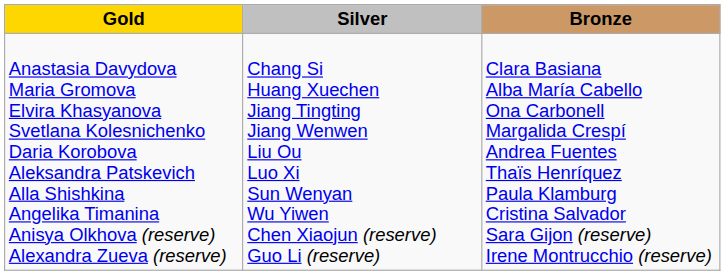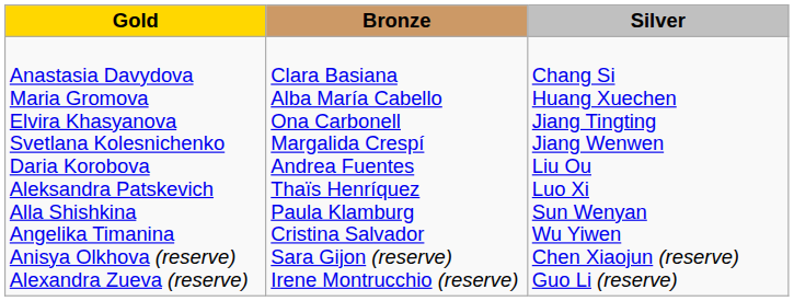 <table class="wikitable" style="text-align:left">
 <tr align="center">
 <td width=200 bgcolor=gold><strong>Gold</strong></td>
+<td width=200 bgcolor=CC9966><strong>Bronze</strong></td>
 <td width=200 bgcolor=silver><strong>Silver</strong></td>
-<td width=200 bgcolor=CC9966><strong>Bronze</strong></td>
 </tr>
 <tr>
 <td><br><a href='#'>Anastasia Davydova</a><br><a href='#'>Maria Gromova</a><br><a href='#'>Elvira Khasyanova</a><br><a href='#'>Svetlana Kolesnichenko</a><br><a href='#'>Daria Korobova</a><br><a href='#'>Aleksandra Patskevich</a><br><a href='#'>Alla Shishkina</a><br><a href='#'>Angelika Timanina</a><br><a href='#'>Anisya Olkhova</a> <em>(reserve)</em><br><a href='#'>Alexandra Zueva</a> <em>(reserve)</em></td>
+<td><br><a href='#'>Clara Basiana</a><br><a href='#'>Alba María Cabello</a><br><a href='#'>Ona Carbonell</a><br><a href='#'>Margalida Crespí</a><br><a href='#'>Andrea Fuentes</a><br><a href='#'>Thaïs Henríquez</a><br><a href='#'>Paula Klamburg</a><br><a href='#'>Cristina Salvador</a><br><a href='#'>Sara Gijon</a> <em>(reserve)</em><br><a href='#'>Irene Montrucchio</a> <em>(reserve)</em></td>
 <td><br><a href='#'>Chang Si</a><br><a href='#'>Huang Xuechen</a><br><a href='#'>Jiang Tingting</a><br><a href='#'>Jiang Wenwen</a><br><a href='#'>Liu Ou</a><br><a href='#'>Luo Xi</a><br><a href='#'>Sun Wenyan</a><br><a href='#'>Wu Yiwen</a><br><a href='#'>Chen Xiaojun</a> <em>(reserve)</em><br><a href='#'>Guo Li</a> <em>(reserve)</em></td>
-<td><br><a href='#'>Clara Basiana</a><br><a href='#'>Alba María Cabello</a><br><a href='#'>Ona Carbonell</a><br><a href='#'>Margalida Crespí</a><br><a href='#'>Andrea Fuentes</a><br><a href='#'>Thaïs Henríquez</a><br><a href='#'>Paula Klamburg</a><br><a href='#'>Cristina Salvador</a><br><a href='#'>Sara Gijon</a> <em>(reserve)</em><br><a href='#'>Irene Montrucchio</a> <em>(reserve)</em></td>
 </tr>
 </table>
